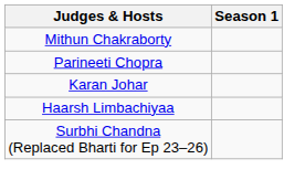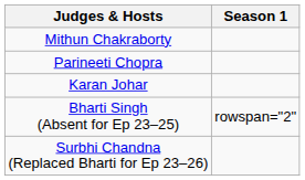 <table class="wikitable plainrowheaders" style="text-align:center">
 <tr>
 <th rowspan="1">Judges & Hosts</th>
 <th>Season 1</th>
 </tr>
 <tr>
 <td><a href='#'>Mithun Chakraborty</a></td>
 <td></td>
 </tr>
 <tr>
 <td><a href='#'>Parineeti Chopra</a></td>
 <td></td>
 </tr>
 <tr>
 <td><a href='#'>Karan Johar</a></td>
 <td></td>
 </tr>
 <tr>
-<td><a href='#'>Haarsh Limbachiyaa</a></td>
-<td></td>
+<td><a href='#'>Bharti Singh</a><br>(Absent for Ep 23–25)</td>
+<td>rowspan="2" </td>
 </tr>
 <tr>
 <td><a href='#'>Surbhi Chandna</a><br>(Replaced Bharti for Ep 23–26)</td>
 </tr>
 </table>
